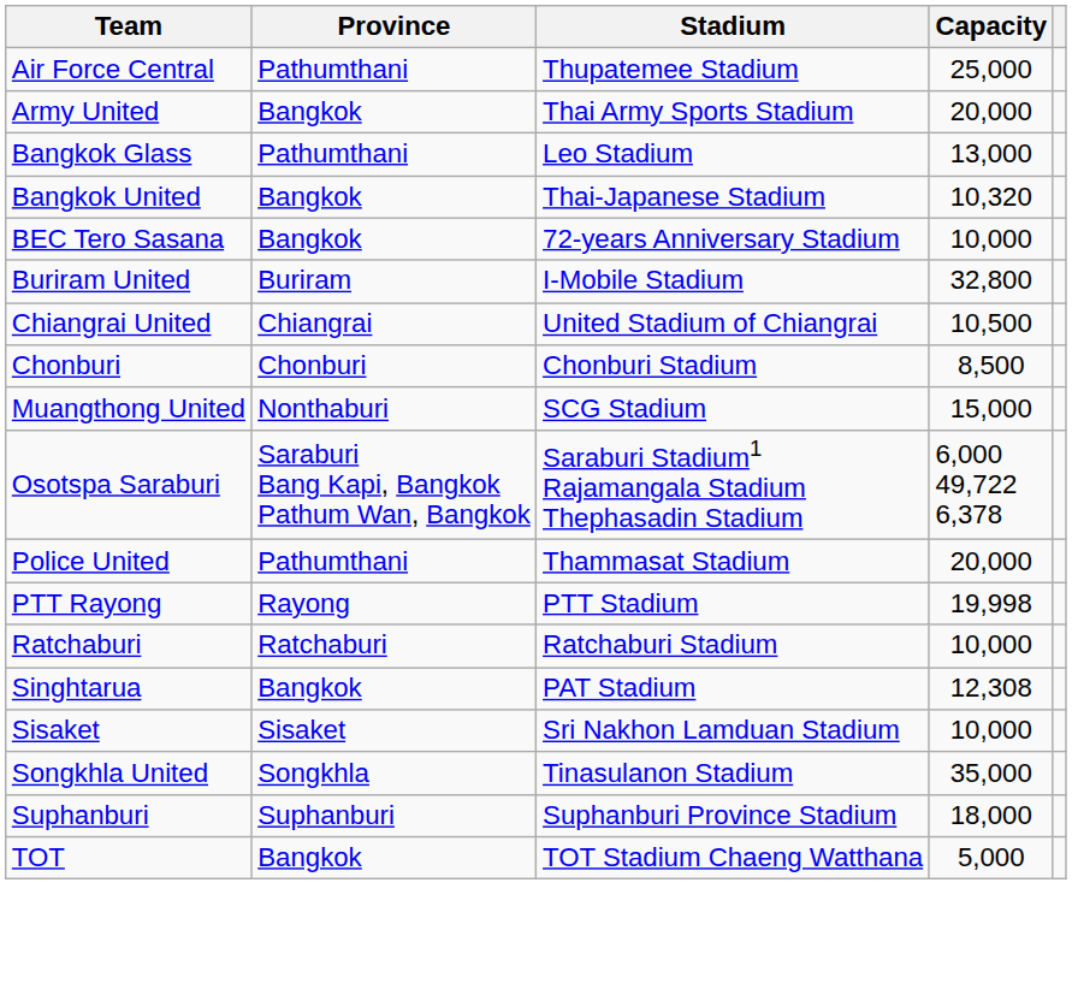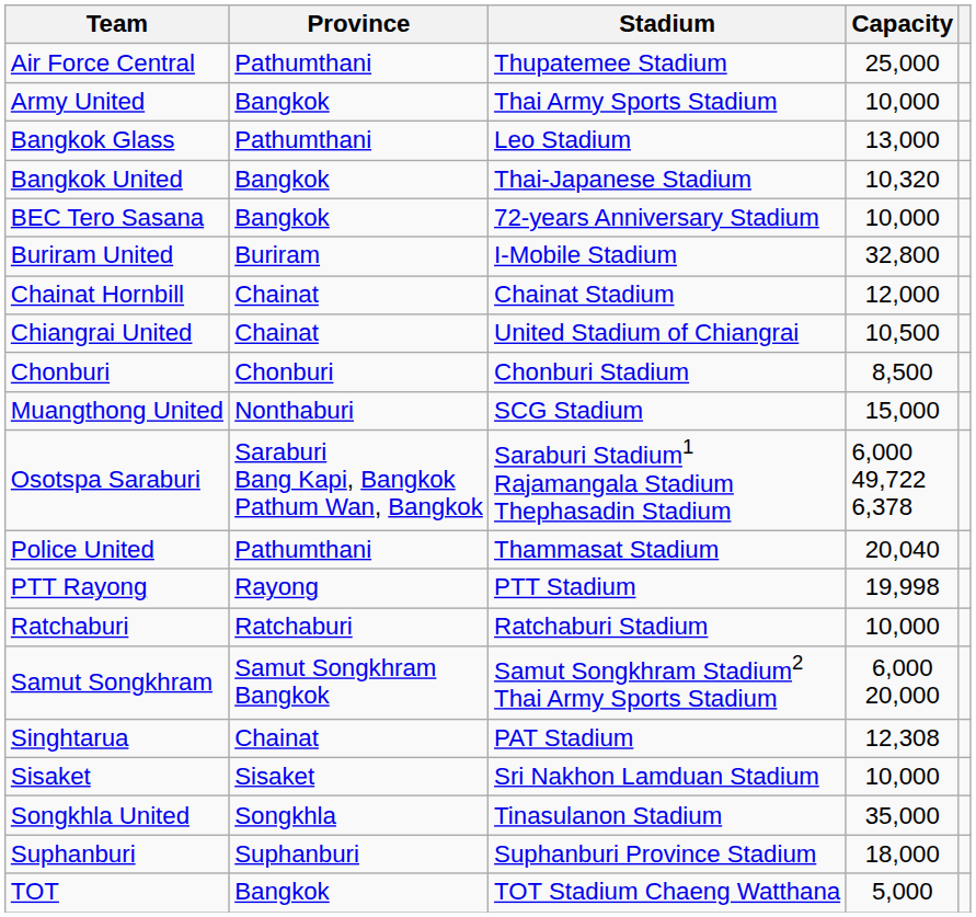 <table class="wikitable sortable">
 <tr>
 <th>Team</th>
 <th>Province</th>
 <th>Stadium</th>
 <th>Capacity</th>
 <th class="unsortable"></th>
 </tr>
 <tr>
 <td><a href='#'>Air Force Central</a></td>
 <td><a href='#'>Pathumthani</a></td>
 <td><a href='#'>Thupatemee Stadium</a></td>
 <td align="center">25,000</td>
 <td></td>
 </tr>
 <tr>
 <td><a href='#'>Army United</a></td>
 <td><a href='#'>Bangkok</a></td>
 <td><a href='#'>Thai Army Sports Stadium</a></td>
-<td align="center">20,000</td>
+<td align="center">10,000</td>
 <td></td>
 </tr>
 <tr>
 <td><a href='#'>Bangkok Glass</a></td>
 <td><a href='#'>Pathumthani</a></td>
 <td><a href='#'>Leo Stadium</a></td>
 <td align="center">13,000</td>
 <td></td>
 </tr>
 <tr>
 <td><a href='#'>Bangkok United</a></td>
 <td><a href='#'>Bangkok</a></td>
 <td><a href='#'>Thai-Japanese Stadium</a></td>
 <td align="center">10,320</td>
 <td></td>
 </tr>
 <tr>
 <td><a href='#'>BEC Tero Sasana</a></td>
 <td><a href='#'>Bangkok</a></td>
 <td><a href='#'>72-years Anniversary Stadium</a></td>
 <td align="center">10,000</td>
 <td></td>
 </tr>
 <tr>
 <td><a href='#'>Buriram United</a></td>
 <td><a href='#'>Buriram</a></td>
 <td><a href='#'>I-Mobile Stadium</a></td>
 <td align="center">32,800</td>
 <td></td>
 </tr>
 <tr>
+<td><a href='#'>Chainat Hornbill</a></td>
+<td><a href='#'>Chainat</a></td>
+<td><a href='#'>Chainat Stadium</a></td>
+<td align="center">12,000</td>
+<td></td>
+</tr>
+<tr>
 <td><a href='#'>Chiangrai United</a></td>
-<td><a href='#'>Chiangrai</a></td>
+<td><a href='#'>Chainat</a></td>
 <td><a href='#'>United Stadium of Chiangrai</a></td>
 <td align="center">10,500</td>
 <td></td>
 </tr>
 <tr>
 <td><a href='#'>Chonburi</a></td>
 <td><a href='#'>Chonburi</a></td>
 <td><a href='#'>Chonburi Stadium</a></td>
 <td align="center">8,500</td>
 <td></td>
 </tr>
 <tr>
 <td><a href='#'>Muangthong United</a></td>
 <td><a href='#'>Nonthaburi</a></td>
 <td><a href='#'>SCG Stadium</a></td>
 <td align="center">15,000</td>
 <td></td>
 </tr>
 <tr>
 <td><a href='#'>Osotspa Saraburi</a></td>
 <td><a href='#'>Saraburi</a><br><a href='#'>Bang Kapi</a>, <a href='#'>Bangkok</a><br> <a href='#'>Pathum Wan</a>, <a href='#'>Bangkok</a></td>
 <td><a href='#'>Saraburi Stadium</a><sup>1</sup><br><a href='#'>Rajamangala Stadium</a><br> <a href='#'>Thephasadin Stadium</a></td>
 <td>6,000<br>49,722<br> 6,378</td>
 <td></td>
 </tr>
 <tr>
 <td><a href='#'>Police United</a></td>
 <td><a href='#'>Pathumthani</a></td>
 <td><a href='#'>Thammasat Stadium</a></td>
-<td align="center">20,000</td>
+<td align="center">20,040</td>
 <td></td>
 </tr>
 <tr>
 <td><a href='#'>PTT Rayong</a></td>
 <td><a href='#'>Rayong</a></td>
 <td><a href='#'>PTT Stadium</a></td>
 <td align="center">19,998</td>
 <td></td>
 </tr>
 <tr>
 <td><a href='#'>Ratchaburi</a></td>
 <td><a href='#'>Ratchaburi</a></td>
 <td><a href='#'>Ratchaburi Stadium</a></td>
 <td align="center">10,000</td>
 <td></td>
 </tr>
 <tr>
+<td><a href='#'>Samut Songkhram</a></td>
+<td><a href='#'>Samut Songkhram</a><br><a href='#'>Bangkok</a></td>
+<td><a href='#'>Samut Songkhram Stadium</a><sup>2</sup><br><a href='#'>Thai Army Sports Stadium</a></td>
+<td align="center">6,000<br>20,000</td>
+<td></td>
+</tr>
+<tr>
 <td><a href='#'>Singhtarua</a></td>
-<td><a href='#'>Bangkok</a></td>
+<td><a href='#'>Chainat</a></td>
 <td><a href='#'>PAT Stadium</a></td>
 <td align="center">12,308</td>
 <td></td>
 </tr>
 <tr>
 <td><a href='#'>Sisaket</a></td>
 <td><a href='#'>Sisaket</a></td>
 <td><a href='#'>Sri Nakhon Lamduan Stadium</a></td>
 <td align="center">10,000</td>
 <td></td>
 </tr>
 <tr>
 <td><a href='#'>Songkhla United</a></td>
 <td><a href='#'>Songkhla</a></td>
 <td><a href='#'>Tinasulanon Stadium</a></td>
 <td align="center">35,000</td>
 <td></td>
 </tr>
 <tr>
 <td><a href='#'>Suphanburi</a></td>
 <td><a href='#'>Suphanburi</a></td>
 <td><a href='#'>Suphanburi Province Stadium</a></td>
 <td align="center">18,000</td>
 <td></td>
 </tr>
 <tr>
 <td><a href='#'>TOT</a></td>
 <td><a href='#'>Bangkok</a></td>
 <td><a href='#'>TOT Stadium Chaeng Watthana</a></td>
 <td align="center">5,000</td>
 <td></td>
 </tr>
 </table>
